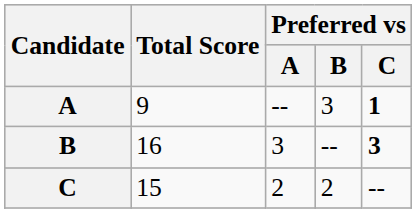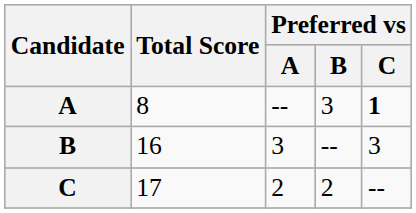 <table class="wikitable">
 <tr>
 <th rowspan=2>Candidate</th>
 <th rowspan = 2>Total Score</th>
 <th colspan=3>Preferred vs</th>
 </tr>
 <tr>
 <th>A</th>
 <th>B</th>
 <th>C</th>
 </tr>
 <tr>
 <th>A</th>
-<td>9</td>
+<td>8</td>
 <td>--</td>
 <td>3</td>
 <td><strong>1</strong></td>
 </tr>
 <tr>
 <th>B</th>
 <td>16</td>
 <td>3</td>
 <td>--</td>
-<td><strong>3</strong></td>
+<td>3</td>
 </tr>
 <tr>
 <th>C</th>
-<td>15</td>
+<td>17</td>
 <td>2</td>
 <td>2</td>
 <td>--</td>
 </tr>
 </table>
